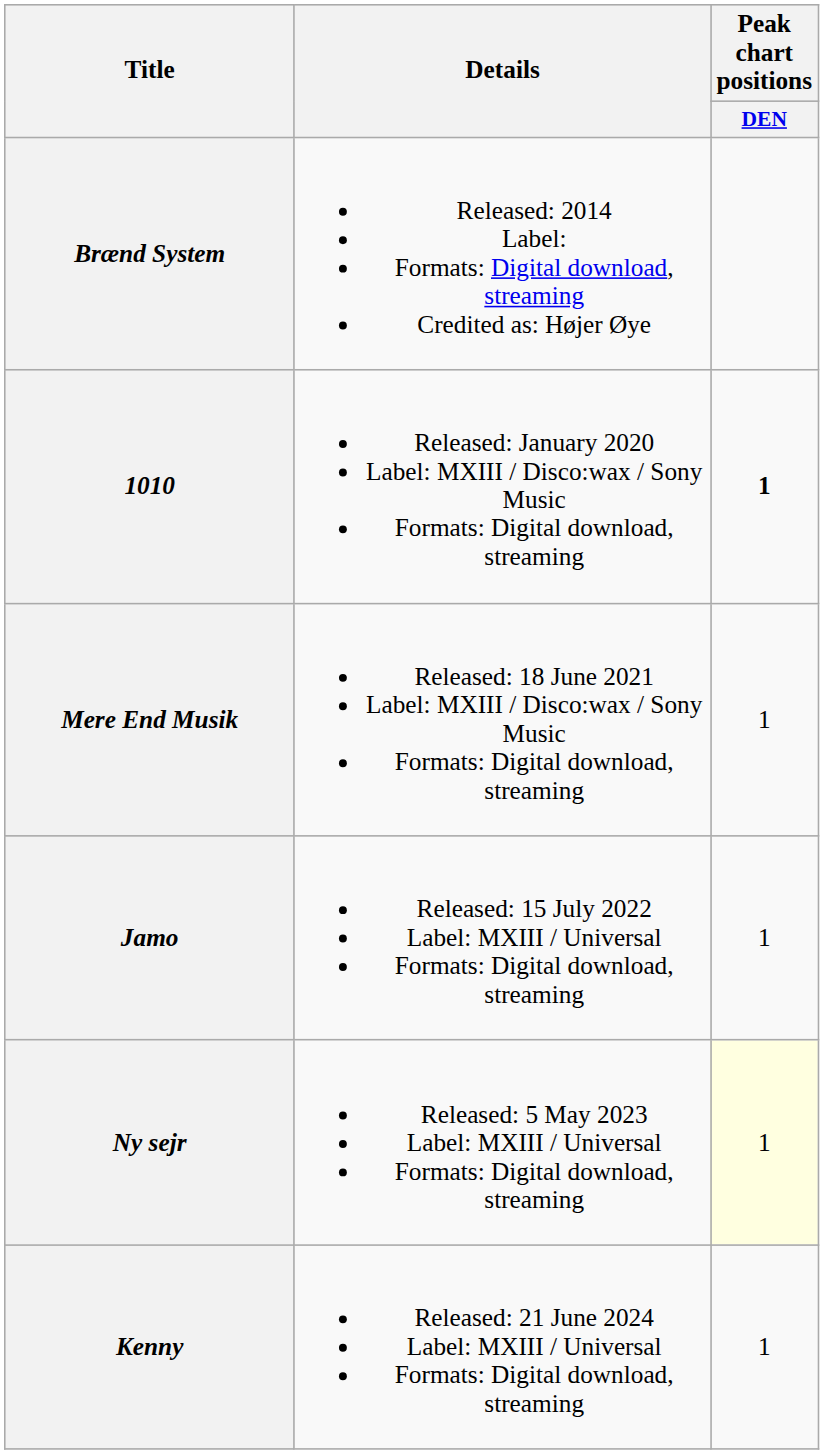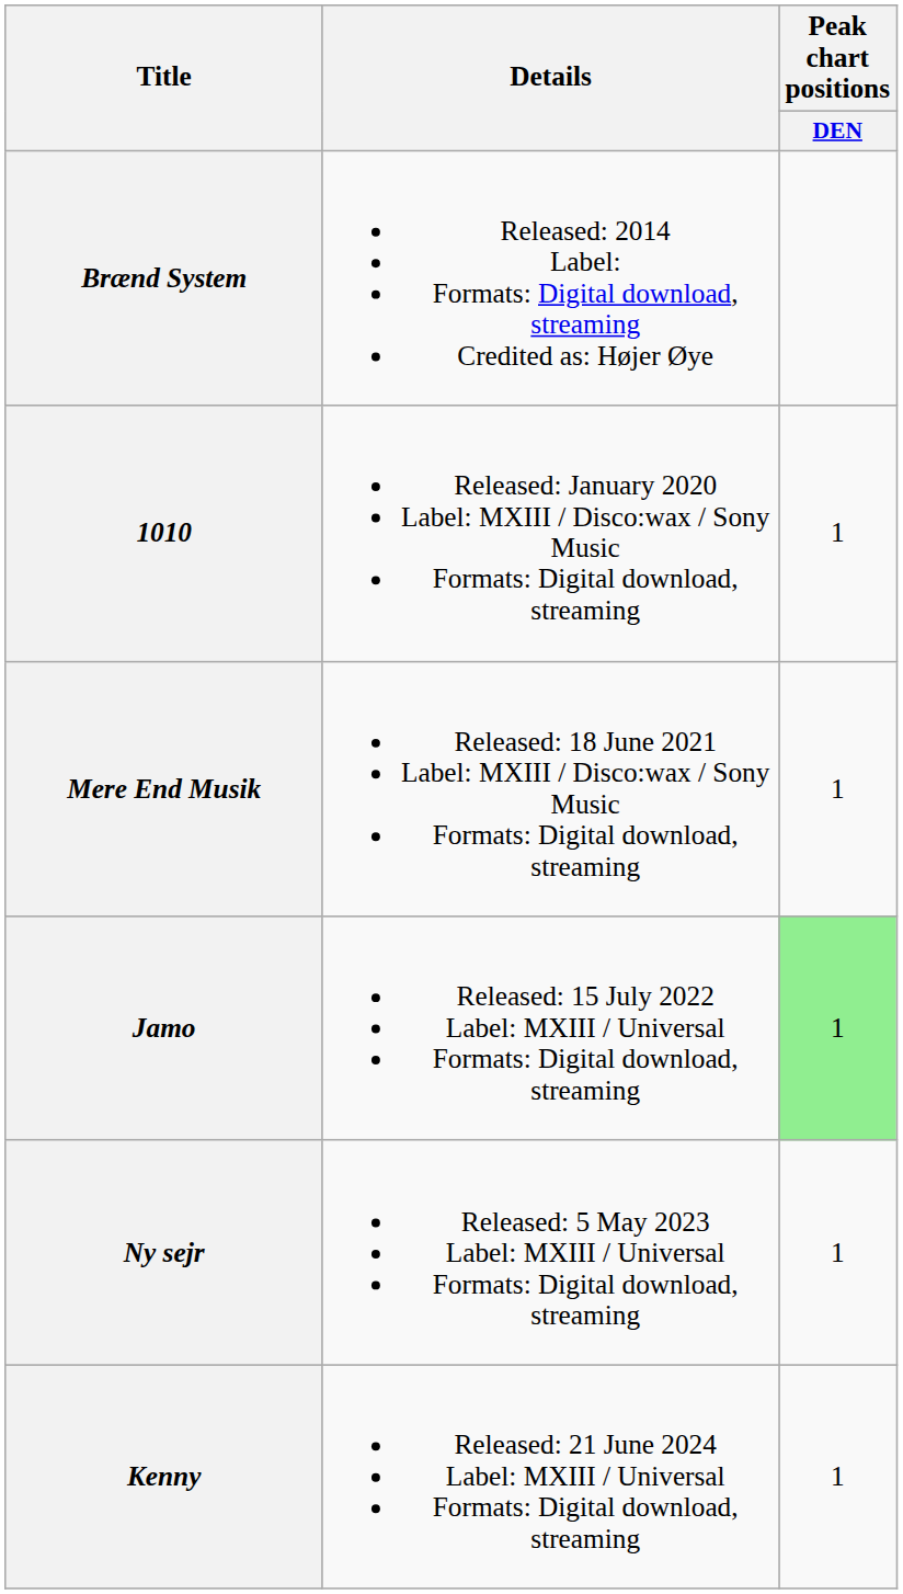 <table class="wikitable plainrowheaders" style="text-align:center;" border="1">
 <tr>
 <th scope="col" rowspan="2" style="width:11em;">Title</th>
 <th scope="col" rowspan="2" style="width:16em;">Details</th>
 <th scope="col" colspan="1">Peak chart positions</th>
 </tr>
 <tr>
 <th scope="col" style="width:3em;font-size:85%;"><a href='#'>DEN</a><br></th>
 </tr>
 <tr>
 <th scope="row"><em>Brænd System</em></th>
 <td><br><ul><li>Released: 2014</li><li>Label:</li><li>Formats: <a href='#'>Digital download</a>, <a href='#'>streaming</a></li><li>Credited as: Højer Øye </li></ul></td>
 <td></td>
 </tr>
 <tr>
 <th scope="row"><em>1010</em></th>
 <td><br><ul><li>Released: January 2020</li><li>Label: MXIII / Disco:wax / Sony Music</li><li>Formats: Digital download, streaming</li></ul></td>
-<td><strong>1</strong></td>
+<td>1</td>
 </tr>
 <tr>
 <th scope="row"><em>Mere End Musik</em><br></th>
 <td><br><ul><li>Released: 18 June 2021</li><li>Label: MXIII / Disco:wax / Sony Music</li><li>Formats: Digital download, streaming</li></ul></td>
 <td>1<br></td>
 </tr>
 <tr>
 <th scope="row"><em>Jamo</em></th>
 <td><br><ul><li>Released: 15 July 2022</li><li>Label: MXIII / Universal</li><li>Formats: Digital download, streaming</li></ul></td>
-<td>1<br></td>
+<td style="background: lightgreen;">1<br></td>
 </tr>
 <tr>
 <th scope="row"><em>Ny sejr</em></th>
 <td><br><ul><li>Released: 5 May 2023</li><li>Label: MXIII / Universal</li><li>Formats: Digital download, streaming</li></ul></td>
-<td style="background: lightyellow;">1<br></td>
+<td>1<br></td>
 </tr>
 <tr>
 <th scope="row"><em>Kenny</em><br></th>
 <td><br><ul><li>Released: 21 June 2024</li><li>Label: MXIII / Universal</li><li>Formats: Digital download, streaming</li></ul></td>
 <td>1<br></td>
 </tr>
 </table>
